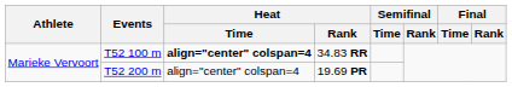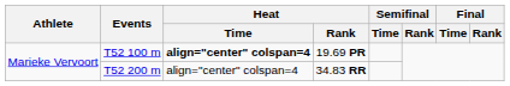 <table class=wikitable>
 <tr>
 <th rowspan="2">Athlete</th>
 <th rowspan="2">Events</th>
 <th colspan="2">Heat</th>
 <th colspan="2">Semifinal</th>
 <th colspan="2">Final</th>
 </tr>
 <tr>
 <th>Time</th>
 <th>Rank</th>
 <th>Time</th>
 <th>Rank</th>
 <th>Time</th>
 <th>Rank</th>
 </tr>
 <tr>
 <td rowspan=2><a href='#'>Marieke Vervoort</a></td>
 <td><a href='#'>T52 100 m</a></td>
 <td><strong>align="center" colspan=4 </strong></td>
-<td align="center">34.83 <strong>RR</strong></td>
+<td align="center">19.69 <strong>PR</strong></td>
 <td align="center"></td>
 </tr>
 <tr>
 <td><a href='#'>T52 200 m</a></td>
 <td>align="center" colspan=4 </td>
-<td align="center">19.69 <strong>PR</strong></td>
+<td align="center">34.83 <strong>RR</strong></td>
 <td align="center"></td>
 </tr>
 </table>
